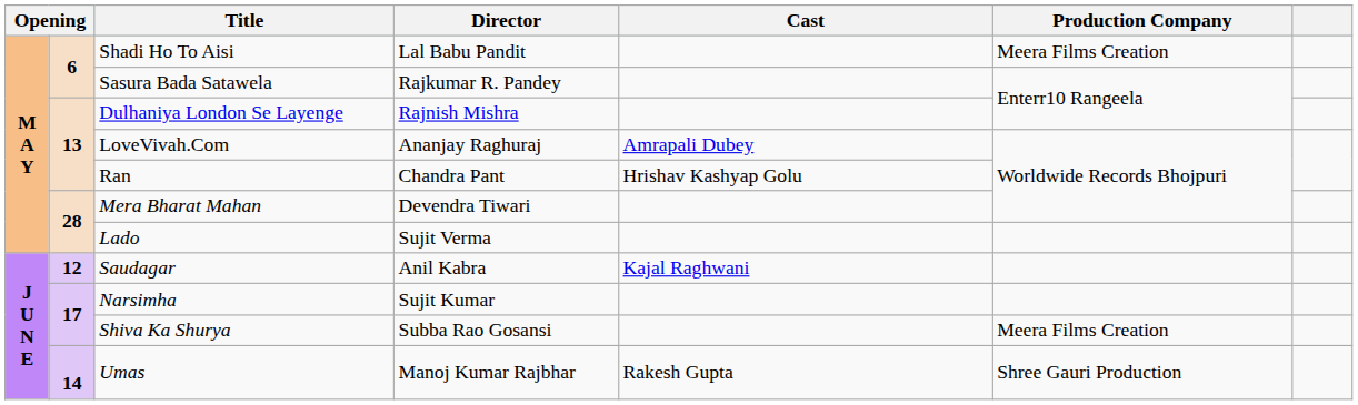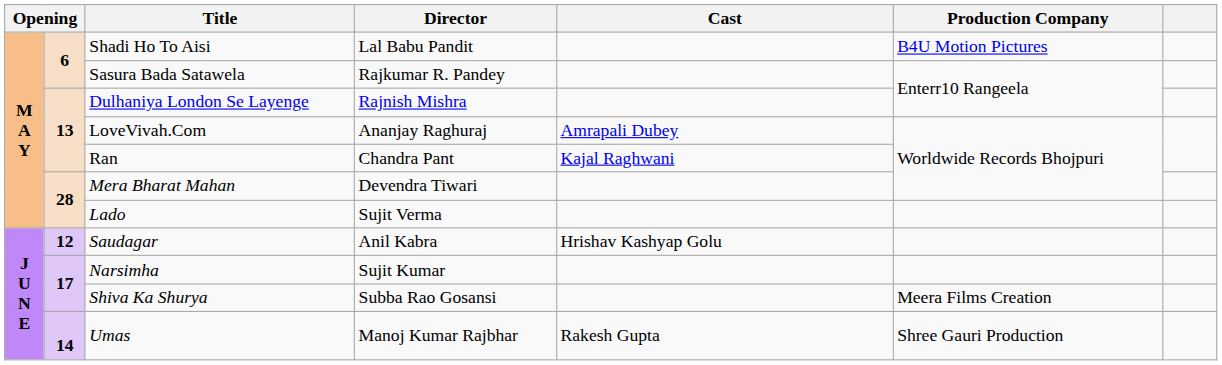 <table class="wikitable sortable">
 <tr style="background:#b0e0e6; text-align:center;">
 <th colspan="2" style="width:6%;"><strong>Opening</strong></th>
 <th style="width:20%;"><strong>Title</strong></th>
 <th style="width:15%;"><strong>Director</strong></th>
 <th style="width:25%;"><strong>Cast</strong></th>
 <th style="width:20%;">Production Company</th>
 <th style="width:4%;"><strong></strong></th>
 </tr>
 <tr>
 <th rowspan="7" style="text-align:center; background:#f7bf87; text color:#000;">M<br>A<br>Y</th>
 <td rowspan="2" style="text-align:center; background:#f7dfc7"><strong>6</strong></td>
 <td>Shadi Ho To Aisi</td>
 <td>Lal Babu Pandit</td>
 <td></td>
-<td>Meera Films Creation</td>
+<td><a href='#'>B4U Motion Pictures</a></td>
 <td></td>
 </tr>
 <tr>
 <td>Sasura Bada Satawela</td>
 <td>Rajkumar R. Pandey</td>
 <td></td>
 <td rowspan="2">Enterr10 Rangeela</td>
 <td></td>
 </tr>
 <tr>
 <td rowspan="3" style="text-align:center; background:#f7dfc7"><strong>13</strong></td>
 <td><a href='#'>Dulhaniya London Se Layenge</a></td>
 <td><a href='#'>Rajnish Mishra</a></td>
 <td></td>
 <td></td>
 </tr>
 <tr>
 <td>LoveVivah.Com</td>
 <td>Ananjay Raghuraj</td>
 <td><a href='#'>Amrapali Dubey</a></td>
 <td rowspan="3">Worldwide Records Bhojpuri</td>
 <td rowspan="2"></td>
 </tr>
 <tr>
 <td>Ran</td>
 <td>Chandra Pant</td>
-<td>Hrishav Kashyap Golu</td>
+<td><a href='#'>Kajal Raghwani</a></td>
 </tr>
 <tr>
 <td rowspan="2" style="text-align:center; background:#f7dfc7"><strong>28</strong></td>
 <td><em>Mera Bharat Mahan</em></td>
 <td>Devendra Tiwari</td>
 <td></td>
 <td></td>
 </tr>
 <tr>
 <td><em>Lado</em></td>
 <td>Sujit Verma</td>
 <td></td>
 <td></td>
 <td></td>
 </tr>
 <tr>
 <th rowspan="4" style="text-align:center; background:#bf87f7; text color:#000;">J<br>U<br>N<br>E</th>
 <td style="text-align:center; background:#dfc7f7"><strong>12</strong></td>
 <td><em>Saudagar</em></td>
 <td>Anil Kabra</td>
-<td><a href='#'>Kajal Raghwani</a></td>
+<td>Hrishav Kashyap Golu</td>
 <td></td>
 <td></td>
 </tr>
 <tr>
 <td rowspan="2" style="text-align:center; background:#dfc7f7"><strong>17</strong></td>
 <td><em>Narsimha</em></td>
 <td>Sujit Kumar</td>
 <td></td>
 <td></td>
 <td></td>
 </tr>
 <tr>
 <td><em>Shiva Ka Shurya</em></td>
 <td>Subba Rao Gosansi</td>
 <td></td>
 <td>Meera Films Creation</td>
 <td></td>
 </tr>
 <tr>
 <td style="text-align:center; background:#dfc7f7"><br><strong>14</strong></td>
 <td><em>Umas</em></td>
 <td>Manoj Kumar Rajbhar</td>
 <td>Rakesh Gupta</td>
 <td>Shree Gauri Production</td>
 <td></td>
 </tr>
 </table>
